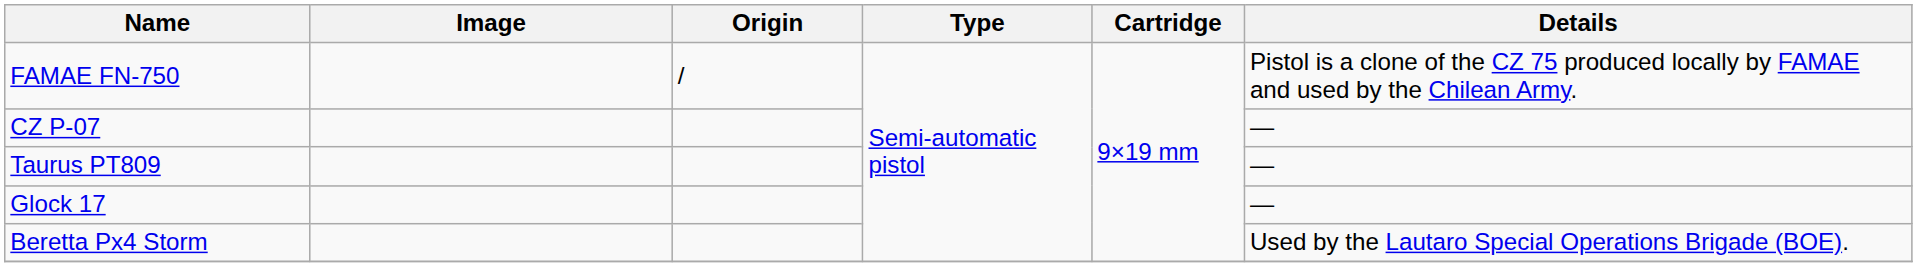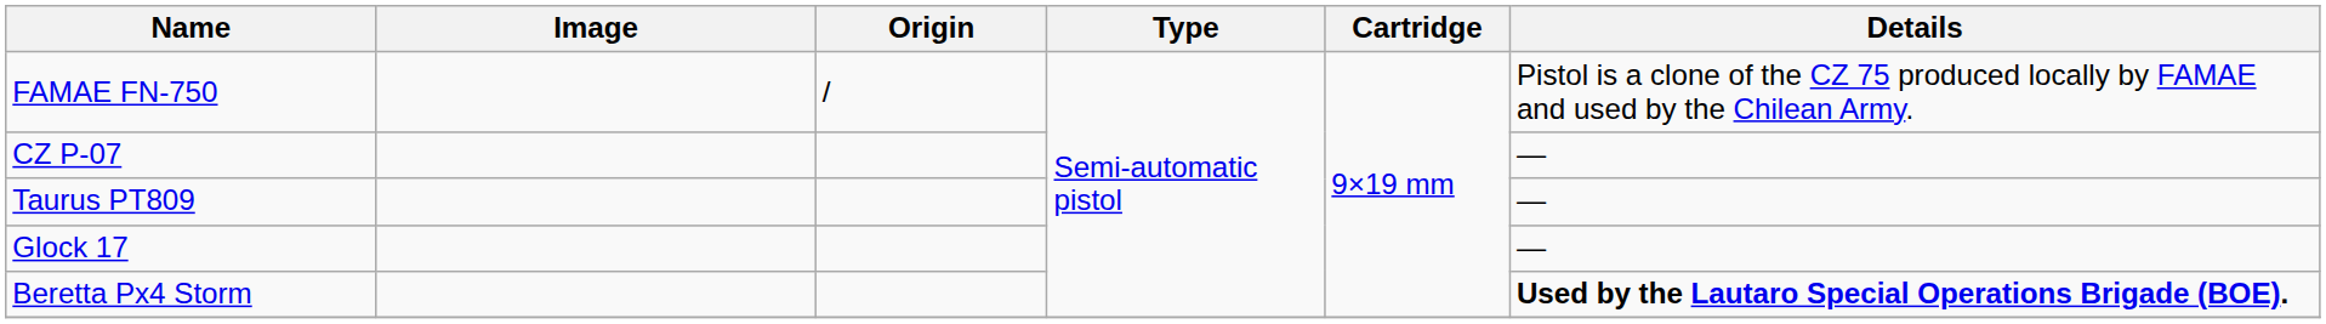 <table class="wikitable" border="0" style="width:100%">
 <tr>
 <th style="text-align: center; width:16%;">Name</th>
 <th style="text-align: center; width:19%;">Image</th>
 <th style="text-align: center; width:10%;">Origin</th>
 <th style="text-align: center; width:12%;">Type</th>
 <th style="text-align: center; width:8%;">Cartridge</th>
 <th style="text-align: center; width:37%;">Details</th>
 </tr>
 <tr>
 <td><a href='#'>FAMAE FN-750</a></td>
 <td></td>
 <td> / </td>
 <td rowspan="5"><a href='#'>Semi-automatic pistol</a></td>
 <td rowspan="5"><a href='#'>9×19 mm</a></td>
 <td>Pistol is a clone of the <a href='#'>CZ 75</a> produced locally by <a href='#'>FAMAE</a> and used by the <a href='#'>Chilean Army</a>.</td>
 </tr>
 <tr>
 <td><a href='#'>CZ P-07</a></td>
 <td></td>
 <td></td>
 <td>—</td>
 </tr>
 <tr>
 <td><a href='#'>Taurus PT809</a></td>
 <td></td>
 <td></td>
 <td>—</td>
 </tr>
 <tr>
 <td><a href='#'>Glock 17</a></td>
 <td></td>
 <td></td>
 <td>—</td>
 </tr>
 <tr>
 <td><a href='#'>Beretta Px4 Storm</a></td>
 <td></td>
 <td></td>
-<td>Used by the <a href='#'>Lautaro Special Operations Brigade (BOE)</a>.</td>
+<td><strong>Used by the <a href='#'>Lautaro Special Operations Brigade (BOE)</a>.</strong></td>
 </tr>
 <tr>
 </tr>
 </table>
